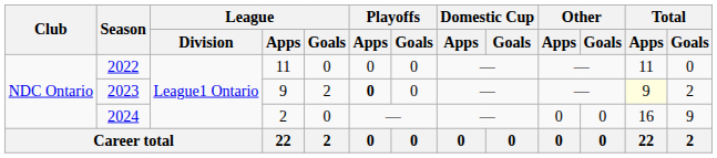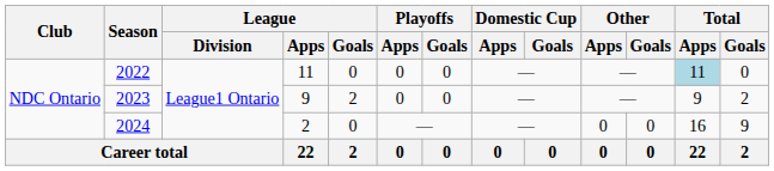 <table class="wikitable" style="text-align: center;">
 <tr>
 <th rowspan="2">Club</th>
 <th rowspan="2">Season</th>
 <th colspan="3">League</th>
 <th colspan="2">Playoffs</th>
 <th colspan="2">Domestic Cup</th>
 <th colspan="2">Other</th>
 <th colspan="2">Total</th>
 </tr>
 <tr>
 <th>Division</th>
 <th>Apps</th>
 <th>Goals</th>
 <th>Apps</th>
 <th>Goals</th>
 <th>Apps</th>
 <th>Goals</th>
 <th>Apps</th>
 <th>Goals</th>
 <th>Apps</th>
 <th>Goals</th>
 </tr>
 <tr>
 <td rowspan="3"><a href='#'>NDC Ontario</a></td>
 <td><a href='#'>2022</a></td>
 <td rowspan="3"><a href='#'>League1 Ontario</a></td>
 <td>11</td>
 <td>0</td>
 <td>0</td>
 <td>0</td>
 <td colspan="2">—</td>
 <td colspan="2">—</td>
-<td>11</td>
+<td style="background: lightblue;">11</td>
 <td>0</td>
 </tr>
 <tr>
 <td><a href='#'>2023</a></td>
 <td>9</td>
 <td>2</td>
-<td><strong>0</strong></td>
+<td>0</td>
 <td>0</td>
 <td colspan="2">—</td>
 <td colspan="2">—</td>
-<td style="background: lightyellow;">9</td>
+<td>9</td>
 <td>2</td>
 </tr>
 <tr>
 <td><a href='#'>2024</a></td>
 <td>2</td>
 <td>0</td>
 <td colspan="2">—</td>
 <td colspan="2">—</td>
 <td>0</td>
 <td>0</td>
 <td>16</td>
 <td>9</td>
 </tr>
 <tr>
 <th colspan="3">Career total</th>
 <th>22</th>
 <th>2</th>
 <th>0</th>
 <th>0</th>
 <th>0</th>
 <th>0</th>
 <th>0</th>
 <th>0</th>
 <th>22</th>
 <th>2</th>
 </tr>
 </table>
